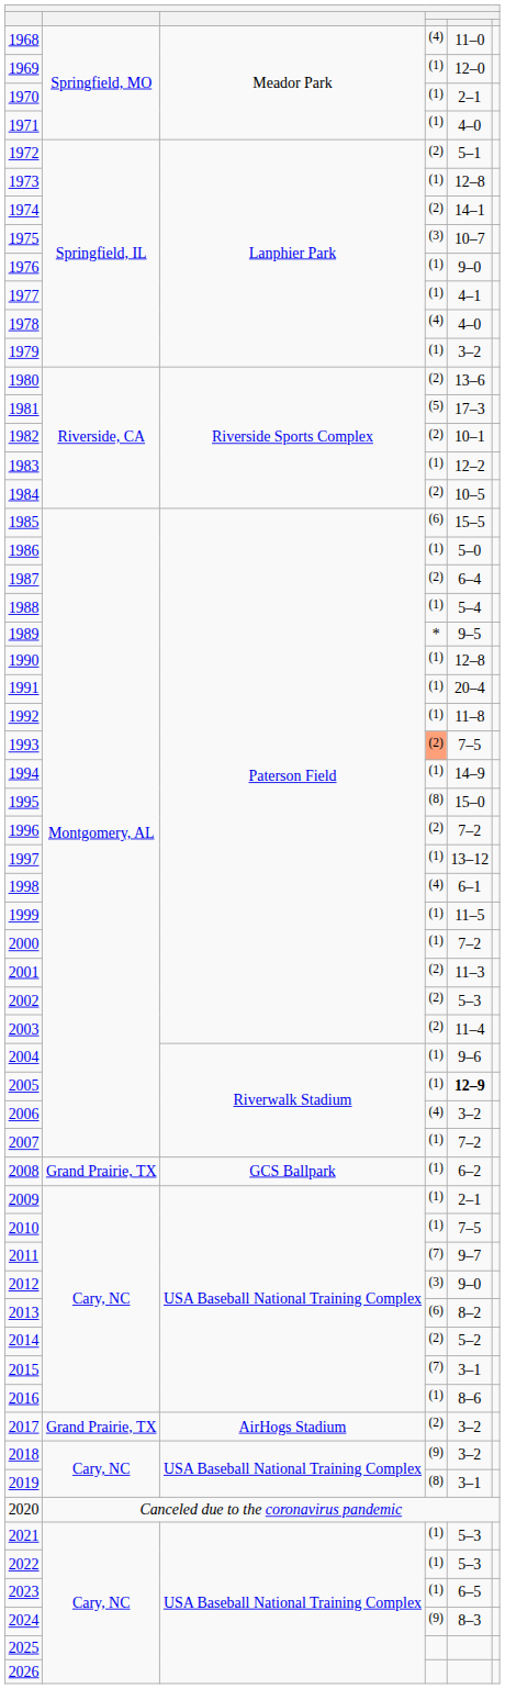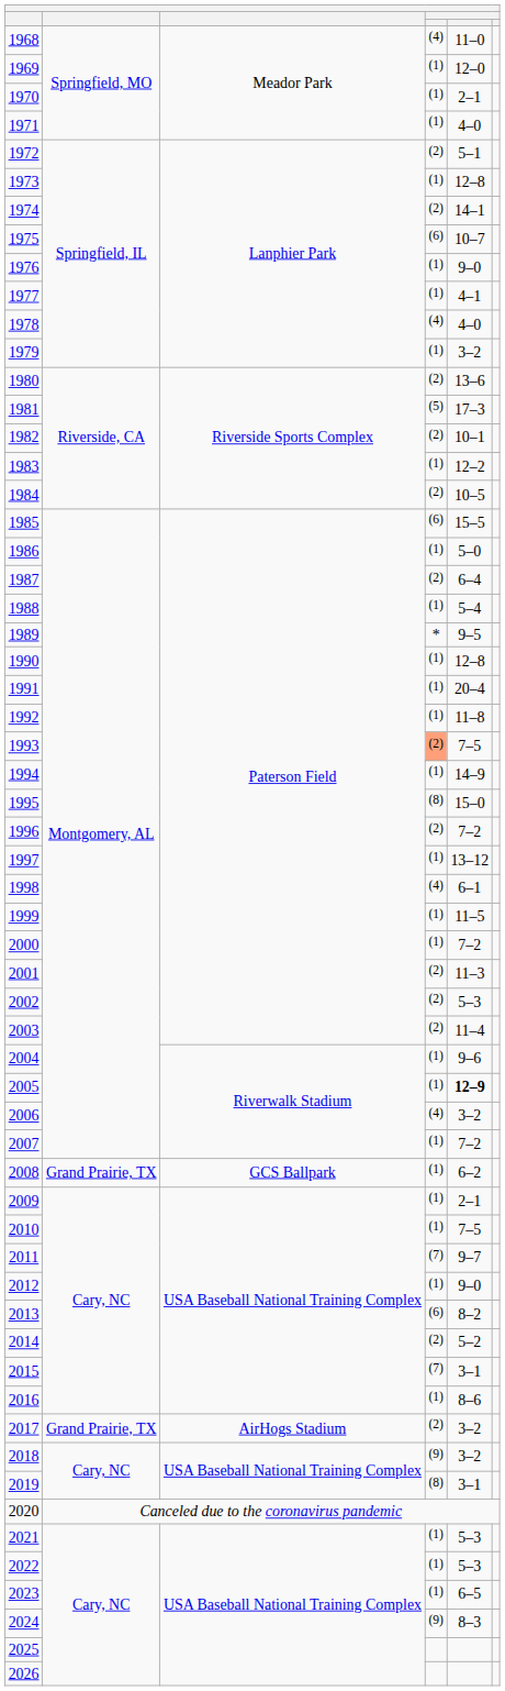 <table class="wikitable" style="text-align:center">
 <tr>
 <th colspan="8" style=></th>
 </tr>
 <tr>
 <th rowspan="2"></th>
 <th rowspan="2"></th>
 <th rowspan="2"></th>
 <th colspan=3></th>
 </tr>
 <tr>
 <th></th>
 <th></th>
 <th></th>
 </tr>
 <tr>
 <td><a href='#'>1968</a></td>
 <td rowspan="4"><a href='#'>Springfield, MO</a></td>
 <td rowspan="4">Meador Park</td>
 <td><strong></strong> <sup>(4)</sup></td>
 <td>11–0</td>
 <td></td>
 </tr>
 <tr>
 <td><a href='#'>1969</a></td>
 <td><strong></strong> <sup>(1)</sup></td>
 <td>12–0</td>
 <td></td>
 </tr>
 <tr>
 <td><a href='#'>1970</a></td>
 <td><strong></strong> <sup>(1)</sup></td>
 <td>2–1</td>
 <td></td>
 </tr>
 <tr>
 <td><a href='#'>1971</a></td>
 <td><strong></strong> <sup>(1)</sup></td>
 <td>4–0</td>
 <td></td>
 </tr>
 <tr>
 <td><a href='#'>1972</a></td>
 <td rowspan="8"><a href='#'>Springfield, IL</a></td>
 <td rowspan="8"><a href='#'>Lanphier Park</a></td>
 <td><strong></strong> <sup>(2)</sup></td>
 <td>5–1</td>
 <td></td>
 </tr>
 <tr>
 <td><a href='#'>1973</a></td>
 <td><strong></strong> <sup>(1)</sup></td>
 <td>12–8</td>
 <td></td>
 </tr>
 <tr>
 <td><a href='#'>1974</a></td>
 <td><strong></strong> <sup>(2)</sup></td>
 <td>14–1</td>
 <td></td>
 </tr>
 <tr>
 <td><a href='#'>1975</a></td>
-<td><strong></strong> <sup>(3)</sup></td>
+<td><strong></strong> <sup>(6)</sup></td>
 <td>10–7</td>
 <td></td>
 </tr>
 <tr>
 <td><a href='#'>1976</a></td>
 <td><strong></strong> <sup>(1)</sup></td>
 <td>9–0</td>
 <td></td>
 </tr>
 <tr>
 <td><a href='#'>1977</a></td>
 <td><strong></strong> <sup>(1)</sup></td>
 <td>4–1</td>
 <td></td>
 </tr>
 <tr>
 <td><a href='#'>1978</a></td>
 <td><strong></strong> <sup>(4)</sup></td>
 <td>4–0</td>
 <td></td>
 </tr>
 <tr>
 <td><a href='#'>1979</a></td>
 <td><strong></strong> <sup>(1)</sup></td>
 <td>3–2</td>
 <td></td>
 </tr>
 <tr>
 <td><a href='#'>1980</a></td>
 <td rowspan="5"><a href='#'>Riverside, CA</a></td>
 <td rowspan="5"><a href='#'>Riverside Sports Complex</a></td>
 <td><strong></strong> <sup>(2)</sup></td>
 <td>13–6</td>
 <td></td>
 </tr>
 <tr>
 <td><a href='#'>1981</a></td>
 <td><strong></strong> <sup>(5)</sup></td>
 <td>17–3</td>
 <td></td>
 </tr>
 <tr>
 <td><a href='#'>1982</a></td>
 <td><strong></strong> <sup>(2)</sup></td>
 <td>10–1</td>
 <td></td>
 </tr>
 <tr>
 <td><a href='#'>1983</a></td>
 <td><strong></strong> <sup>(1)</sup></td>
 <td>12–2</td>
 <td></td>
 </tr>
 <tr>
 <td><a href='#'>1984</a></td>
 <td><strong></strong> <sup>(2)</sup></td>
 <td>10–5</td>
 <td></td>
 </tr>
 <tr>
 <td><a href='#'>1985</a></td>
 <td rowspan="23"><a href='#'>Montgomery, AL</a></td>
 <td rowspan="19"><a href='#'>Paterson Field</a></td>
 <td><strong></strong> <sup>(6)</sup></td>
 <td>15–5</td>
 <td></td>
 </tr>
 <tr>
 <td><a href='#'>1986</a></td>
 <td><strong></strong> <sup>(1)</sup></td>
 <td>5–0</td>
 <td></td>
 </tr>
 <tr>
 <td><a href='#'>1987</a></td>
 <td><strong></strong> <sup>(2)</sup></td>
 <td>6–4</td>
 <td></td>
 </tr>
 <tr>
 <td><a href='#'>1988</a></td>
 <td><strong></strong> <sup>(1)</sup></td>
 <td>5–4</td>
 <td></td>
 </tr>
 <tr>
 <td><a href='#'>1989</a></td>
 <td><strong></strong> *</td>
 <td>9–5</td>
 <td></td>
 </tr>
 <tr>
 <td><a href='#'>1990</a></td>
 <td><strong></strong> <sup>(1)</sup></td>
 <td>12–8</td>
 <td></td>
 </tr>
 <tr>
 <td><a href='#'>1991</a></td>
 <td><strong></strong> <sup>(1)</sup></td>
 <td>20–4</td>
 <td></td>
 </tr>
 <tr>
 <td><a href='#'>1992</a></td>
 <td><strong></strong> <sup>(1)</sup></td>
 <td>11–8</td>
 <td></td>
 </tr>
 <tr>
 <td><a href='#'>1993</a></td>
 <td style="background: lightsalmon;"><strong></strong> <sup>(2)</sup></td>
 <td>7–5</td>
 <td></td>
 </tr>
 <tr>
 <td><a href='#'>1994</a></td>
 <td><strong></strong> <sup>(1)</sup></td>
 <td>14–9</td>
 <td></td>
 </tr>
 <tr>
 <td><a href='#'>1995</a></td>
 <td><strong></strong> <sup>(8)</sup></td>
 <td>15–0</td>
 <td></td>
 </tr>
 <tr>
 <td><a href='#'>1996</a></td>
 <td><strong></strong> <sup>(2)</sup></td>
 <td>7–2</td>
 <td></td>
 </tr>
 <tr>
 <td><a href='#'>1997</a></td>
 <td><strong></strong> <sup>(1)</sup></td>
 <td>13–12</td>
 <td></td>
 </tr>
 <tr>
 <td><a href='#'>1998</a></td>
 <td><strong></strong> <sup>(4)</sup></td>
 <td>6–1</td>
 <td></td>
 </tr>
 <tr>
 <td><a href='#'>1999</a></td>
 <td><strong></strong> <sup>(1)</sup></td>
 <td>11–5</td>
 <td></td>
 </tr>
 <tr>
 <td><a href='#'>2000</a></td>
 <td><strong></strong> <sup>(1)</sup></td>
 <td>7–2</td>
 <td></td>
 </tr>
 <tr>
 <td><a href='#'>2001</a></td>
 <td><strong></strong> <sup>(2)</sup></td>
 <td>11–3</td>
 <td></td>
 </tr>
 <tr>
 <td><a href='#'>2002</a></td>
 <td><strong></strong> <sup>(2)</sup></td>
 <td>5–3</td>
 <td></td>
 </tr>
 <tr>
 <td><a href='#'>2003</a></td>
 <td><strong></strong> <sup>(2)</sup></td>
 <td>11–4</td>
 <td></td>
 </tr>
 <tr>
 <td><a href='#'>2004</a></td>
 <td rowspan="4"><a href='#'>Riverwalk Stadium</a></td>
 <td><strong></strong> <sup>(1)</sup></td>
 <td>9–6</td>
 <td></td>
 </tr>
 <tr>
 <td><a href='#'>2005</a></td>
 <td><strong></strong> <sup>(1)</sup></td>
 <td><strong>12–9</strong></td>
 <td></td>
 </tr>
 <tr>
 <td><a href='#'>2006</a></td>
 <td><strong></strong> <sup>(4)</sup></td>
 <td>3–2</td>
 <td></td>
 </tr>
 <tr>
 <td><a href='#'>2007</a></td>
 <td><strong></strong> <sup>(1)</sup></td>
 <td>7–2</td>
 <td></td>
 </tr>
 <tr>
 <td><a href='#'>2008</a></td>
 <td><a href='#'>Grand Prairie, TX</a></td>
 <td><a href='#'>GCS Ballpark</a></td>
 <td><strong></strong> <sup>(1)</sup></td>
 <td>6–2</td>
 <td></td>
 </tr>
 <tr>
 <td><a href='#'>2009</a></td>
 <td rowspan="8"><a href='#'>Cary, NC</a></td>
 <td rowspan="8"><a href='#'>USA Baseball National Training Complex</a></td>
 <td><strong></strong> <sup>(1)</sup></td>
 <td>2–1</td>
 <td></td>
 </tr>
 <tr>
 <td><a href='#'>2010</a></td>
 <td><strong></strong> <sup>(1)</sup></td>
 <td>7–5</td>
 <td></td>
 </tr>
 <tr>
 <td><a href='#'>2011</a></td>
 <td><strong></strong> <sup>(7)</sup></td>
 <td>9–7</td>
 <td></td>
 </tr>
 <tr>
 <td><a href='#'>2012</a></td>
-<td><strong></strong> <sup>(3)</sup></td>
+<td><strong></strong> <sup>(1)</sup></td>
 <td>9–0</td>
 <td></td>
 </tr>
 <tr>
 <td><a href='#'>2013</a></td>
 <td><strong></strong> <sup>(6)</sup></td>
 <td>8–2</td>
 <td></td>
 </tr>
 <tr>
 <td><a href='#'>2014</a></td>
 <td><strong></strong> <sup>(2)</sup></td>
 <td>5–2</td>
 <td></td>
 </tr>
 <tr>
 <td><a href='#'>2015</a></td>
 <td><strong></strong> <sup>(7)</sup></td>
 <td>3–1</td>
 <td></td>
 </tr>
 <tr>
 <td><a href='#'>2016</a></td>
 <td><strong></strong> <sup>(1)</sup></td>
 <td>8–6</td>
 <td></td>
 </tr>
 <tr>
 <td><a href='#'>2017</a></td>
 <td><a href='#'>Grand Prairie, TX</a></td>
 <td><a href='#'>AirHogs Stadium</a></td>
 <td><strong></strong> <sup>(2)</sup></td>
 <td>3–2</td>
 <td></td>
 </tr>
 <tr>
 <td><a href='#'>2018</a></td>
 <td rowspan="2"><a href='#'>Cary, NC</a></td>
 <td rowspan="2"><a href='#'>USA Baseball National Training Complex</a></td>
 <td><strong></strong> <sup>(9)</sup></td>
 <td>3–2</td>
 <td></td>
 </tr>
 <tr>
 <td><a href='#'>2019</a></td>
 <td><strong></strong> <sup>(8)</sup></td>
 <td>3–1</td>
 <td></td>
 </tr>
 <tr>
 <td>2020</td>
 <td colspan=7><em>Canceled due to the <a href='#'>coronavirus pandemic</a></em></td>
 </tr>
 <tr>
 <td><a href='#'>2021</a></td>
 <td rowspan="6"><a href='#'>Cary, NC</a></td>
 <td rowspan="6"><a href='#'>USA Baseball National Training Complex</a></td>
 <td><strong></strong> <sup>(1)</sup></td>
 <td>5–3</td>
 <td></td>
 </tr>
 <tr>
 <td><a href='#'>2022</a></td>
 <td><strong></strong> <sup>(1)</sup></td>
 <td>5–3</td>
 <td></td>
 </tr>
 <tr>
 <td><a href='#'>2023</a></td>
 <td><strong></strong> <sup>(1)</sup></td>
 <td>6–5</td>
 <td></td>
 </tr>
 <tr>
 <td><a href='#'>2024</a></td>
 <td><strong></strong> <sup>(9)</sup></td>
 <td>8–3</td>
 <td></td>
 </tr>
 <tr>
 <td><a href='#'>2025</a></td>
 <td></td>
 <td></td>
 <td></td>
 </tr>
 <tr>
 <td><a href='#'>2026</a></td>
 <td></td>
 <td></td>
 <td></td>
 </tr>
 </table>
